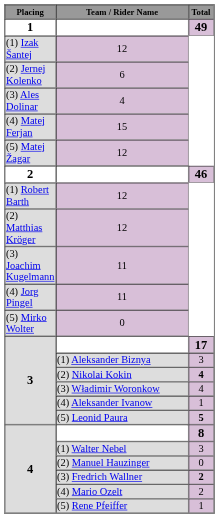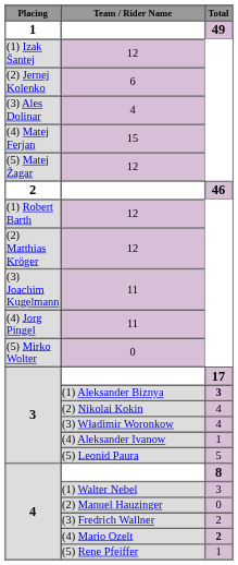 <table border="1" cellspacing="0" cellpadding="1" align="left">
 <tr align="center" style="background:#999999;">
 <td width="15"><small><strong>Placing</strong></small></td>
 <td width="200"><small><strong>Team / Rider Name</strong></small></td>
 <td width="35"><small><strong>Total</strong></small></td>
 </tr>
 <tr align=center>
 <td><big><strong>1</strong></big></td>
 <td align=left ><big></big></td>
 <td style="background:#D8BFD8;"><big><strong>49</strong></big></td>
 </tr>
 <tr align=center style="background:#DDDDDD;">
 <td align=left>(1) <a href='#'>Izak Šantej</a></td>
 <td style="background:#D8BFD8;">12</td>
 </tr>
 <tr align=center style="background:#DDDDDD;">
 <td align=left>(2) <a href='#'>Jernej Kolenko</a></td>
 <td style="background:#D8BFD8;">6</td>
 </tr>
 <tr align=center style="background:#DDDDDD;">
 <td align=left>(3) <a href='#'>Ales Dolinar</a></td>
 <td style="background:#D8BFD8;">4</td>
 </tr>
 <tr align=center style="background:#DDDDDD;">
 <td align=left>(4) <a href='#'>Matej Ferjan</a></td>
 <td style="background:#D8BFD8;">15</td>
 </tr>
 <tr align=center style="background:#DDDDDD;">
 <td align=left>(5) <a href='#'>Matej Žagar</a></td>
 <td style="background:#D8BFD8;">12</td>
 </tr>
 <tr align=center>
 <td><big><strong>2</strong></big></td>
 <td align=left ><big></big></td>
 <td style="background:#D8BFD8;"><big><strong>46</strong></big></td>
 </tr>
 <tr align=center style="background:#DDDDDD;">
 <td align=left>(1) <a href='#'>Robert Barth</a></td>
 <td style="background:#D8BFD8;">12</td>
 </tr>
 <tr align=center style="background:#DDDDDD;">
 <td align=left>(2) <a href='#'>Matthias Kröger</a></td>
 <td style="background:#D8BFD8;">12</td>
 </tr>
 <tr align=center style="background:#DDDDDD;">
 <td align=left>(3) <a href='#'>Joachim Kugelmann</a></td>
 <td style="background:#D8BFD8;">11</td>
 </tr>
 <tr align=center style="background:#DDDDDD;">
 <td align=left>(4) <a href='#'>Jorg Pingel</a></td>
 <td style="background:#D8BFD8;">11</td>
 </tr>
 <tr align=center style="background:#DDDDDD;">
 <td align=left>(5) <a href='#'>Mirko Wolter</a></td>
 <td style="background:#D8BFD8;">0</td>
 </tr>
 <tr align=center>
 <td rowspan=6 style="background:#DDDDDD;"><big><strong>3</strong></big></td>
 <td align=left ><big></big></td>
 <td style="background:#D8BFD8;"><big><strong>17</strong></big></td>
 </tr>
 <tr align=center style="background:#DDDDDD;">
 <td align=left>(1) <a href='#'>Aleksander Biznya</a></td>
-<td style="background:#D8BFD8;">3</td>
+<td style="background:#D8BFD8;"><strong>3</strong></td>
 </tr>
 <tr align=center style="background:#DDDDDD;">
 <td align=left>(2) <a href='#'>Nikolai Kokin</a></td>
-<td style="background:#D8BFD8;"><strong>4</strong></td>
+<td style="background:#D8BFD8;">4</td>
 </tr>
 <tr align=center style="background:#DDDDDD;">
 <td align=left>(3) <a href='#'>Władimir Woronkow</a></td>
 <td style="background:#D8BFD8;">4</td>
 </tr>
 <tr align=center style="background:#DDDDDD;">
 <td align=left>(4) <a href='#'>Aleksander Ivanow</a></td>
 <td style="background:#D8BFD8;">1</td>
 </tr>
 <tr align=center style="background:#DDDDDD;">
 <td align=left>(5) <a href='#'>Leonid Paura</a></td>
-<td style="background:#D8BFD8;"><strong>5</strong></td>
+<td style="background:#D8BFD8;">5</td>
 </tr>
 <tr align=center>
 <td rowspan=6 style="background:#DDDDDD;"><big><strong>4</strong></big></td>
 <td align=left ><big></big></td>
 <td style="background:#D8BFD8;"><big><strong>8</strong></big></td>
 </tr>
 <tr align=center style="background:#DDDDDD;">
 <td align=left>(1) <a href='#'>Walter Nebel</a></td>
 <td style="background:#D8BFD8;">3</td>
 </tr>
 <tr align=center style="background:#DDDDDD;">
 <td align=left>(2) <a href='#'>Manuel Hauzinger</a></td>
 <td style="background:#D8BFD8;">0</td>
 </tr>
 <tr align=center style="background:#DDDDDD;">
 <td align=left>(3) <a href='#'>Fredrich Wallner</a></td>
-<td style="background:#D8BFD8;"><strong>2</strong></td>
+<td style="background:#D8BFD8;">2</td>
 </tr>
 <tr align=center style="background:#DDDDDD;">
 <td align=left>(4) <a href='#'>Mario Ozelt</a></td>
-<td style="background:#D8BFD8;">2</td>
+<td style="background:#D8BFD8;"><strong>2</strong></td>
 </tr>
 <tr align=center style="background:#DDDDDD;">
 <td align=left>(5) <a href='#'>Rene Pfeiffer</a></td>
 <td style="background:#D8BFD8;">1</td>
 </tr>
 </table>
